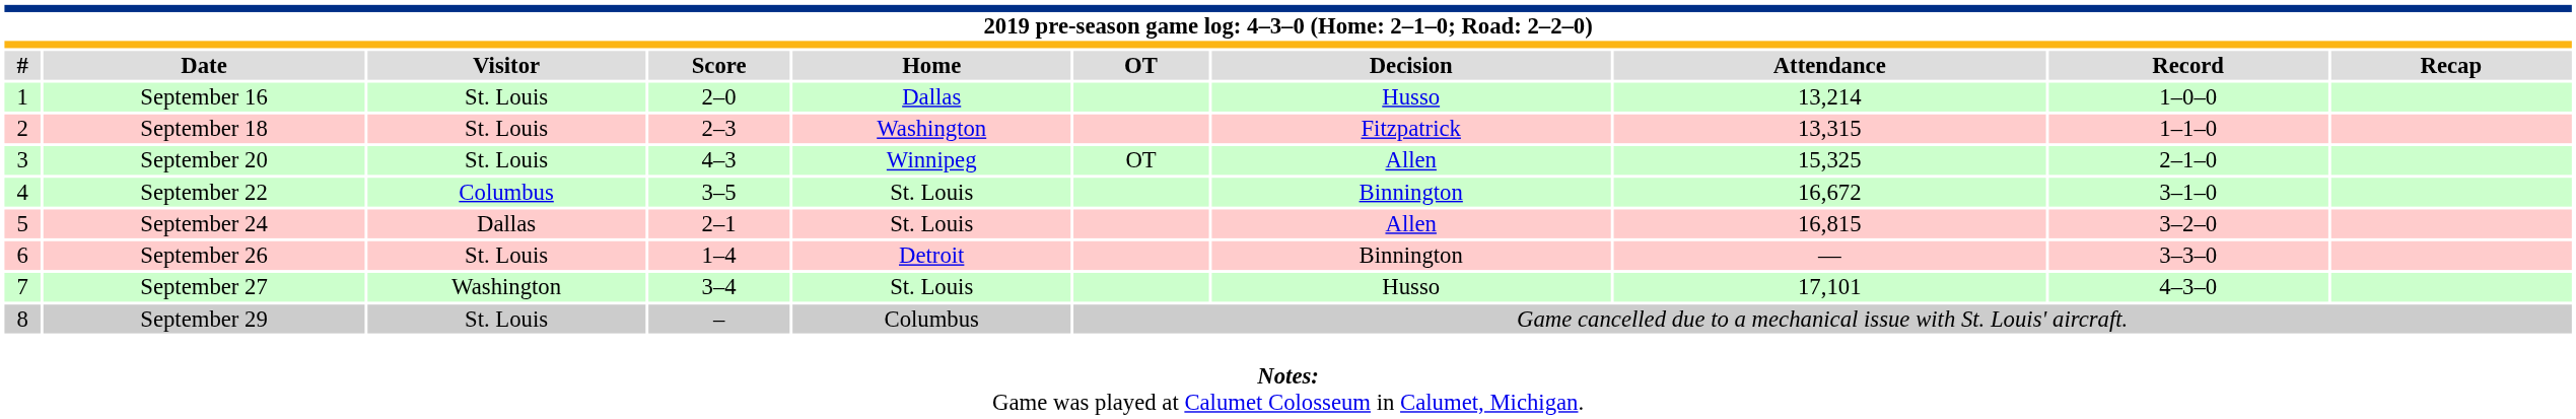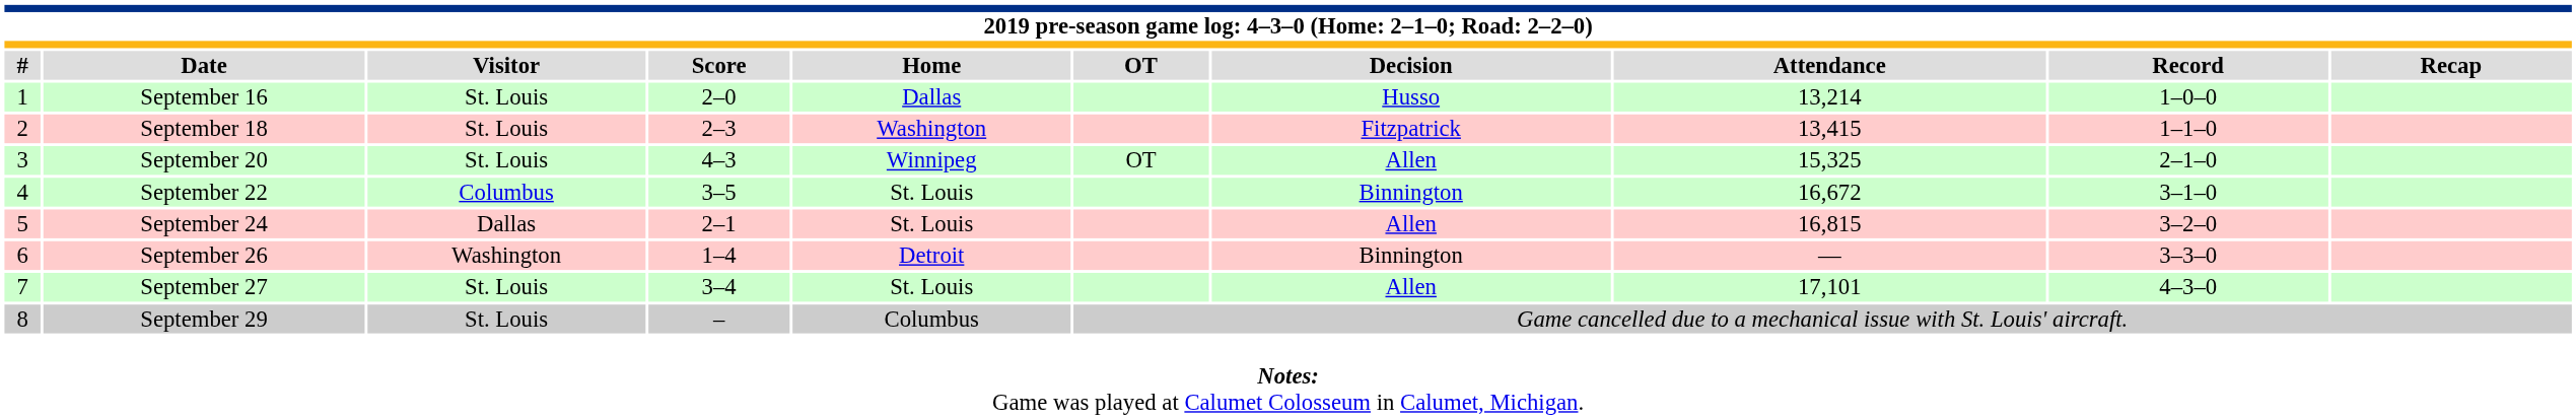 <table class="toccolours collapsible collapsed" style="width:90%; clear:both; margin:1.5em auto; text-align:center;">
 <tr>
 <th colspan="10" style="background:#FFFFFF; border-top:#002F87 5px solid; border-bottom:#FCB514 5px solid;">2019 pre-season game log: 4–3–0 (Home: 2–1–0; Road: 2–2–0)</th>
 </tr>
 <tr style="background:#ddd;">
 <th>#</th>
 <th>Date</th>
 <th>Visitor</th>
 <th>Score</th>
 <th>Home</th>
 <th>OT</th>
 <th>Decision</th>
 <th>Attendance</th>
 <th>Record</th>
 <th>Recap</th>
 </tr>
 <tr style="background:#cfc;">
 <td>1</td>
 <td>September 16</td>
 <td>St. Louis</td>
 <td>2–0</td>
 <td><a href='#'>Dallas</a></td>
 <td></td>
 <td><a href='#'>Husso</a></td>
 <td>13,214</td>
 <td>1–0–0</td>
 <td></td>
 </tr>
 <tr style="background:#fcc;">
 <td>2</td>
 <td>September 18</td>
 <td>St. Louis</td>
 <td>2–3</td>
 <td><a href='#'>Washington</a></td>
 <td></td>
 <td><a href='#'>Fitzpatrick</a></td>
-<td>13,315</td>
+<td>13,415</td>
 <td>1–1–0</td>
 <td></td>
 </tr>
 <tr style="background:#cfc;">
 <td>3</td>
 <td>September 20</td>
 <td>St. Louis</td>
 <td>4–3</td>
 <td><a href='#'>Winnipeg</a></td>
 <td>OT</td>
 <td><a href='#'>Allen</a></td>
 <td>15,325</td>
 <td>2–1–0</td>
 <td></td>
 </tr>
 <tr style="background:#cfc;">
 <td>4</td>
 <td>September 22</td>
 <td><a href='#'>Columbus</a></td>
 <td>3–5</td>
 <td>St. Louis</td>
 <td></td>
 <td><a href='#'>Binnington</a></td>
 <td>16,672</td>
 <td>3–1–0</td>
 <td></td>
 </tr>
 <tr style="background:#fcc;">
 <td>5</td>
 <td>September 24</td>
 <td>Dallas</td>
 <td>2–1</td>
 <td>St. Louis</td>
 <td></td>
 <td><a href='#'>Allen</a></td>
 <td>16,815</td>
 <td>3–2–0</td>
 <td></td>
 </tr>
 <tr style="background:#fcc;">
 <td>6 </td>
 <td>September 26</td>
-<td>St. Louis</td>
+<td>Washington</td>
 <td>1–4</td>
 <td><a href='#'>Detroit</a></td>
 <td></td>
 <td>Binnington</td>
 <td>—</td>
 <td>3–3–0</td>
 <td></td>
 </tr>
 <tr style="background:#cfc;">
 <td>7</td>
 <td>September 27</td>
-<td>Washington</td>
+<td>St. Louis</td>
 <td>3–4</td>
 <td>St. Louis</td>
 <td></td>
-<td>Husso</td>
+<td><a href='#'>Allen</a></td>
 <td>17,101</td>
 <td>4–3–0</td>
 <td></td>
 </tr>
 <tr style="background:#ccc;">
 <td>8</td>
 <td>September 29</td>
 <td>St. Louis</td>
 <td>–</td>
 <td>Columbus</td>
 <td colspan="8"><em>Game cancelled due to a mechanical issue with St. Louis' aircraft.</em></td>
 </tr>
 <tr>
 <td colspan="10" style="text-align:center;"><br><strong><em>Notes:</em></strong><br>  Game was played at <a href='#'>Calumet Colosseum</a> in <a href='#'>Calumet, Michigan</a>.</td>
 </tr>
 </table>
